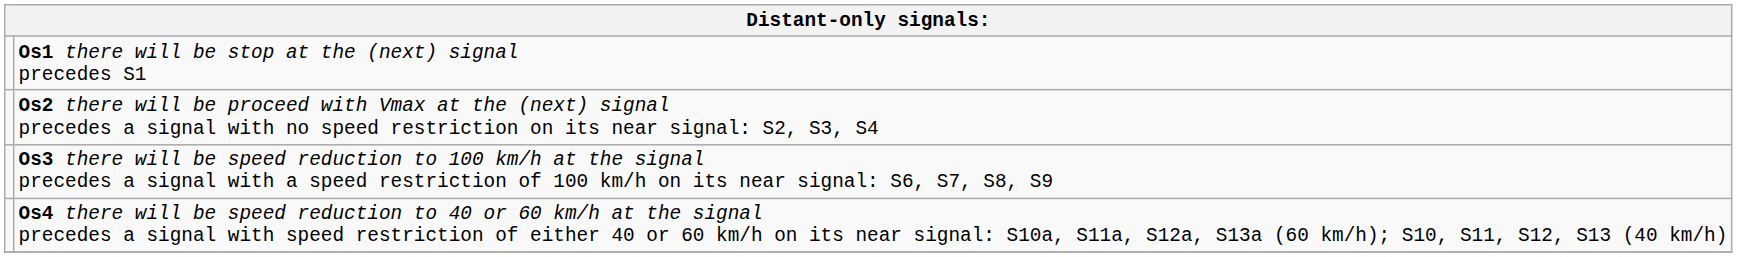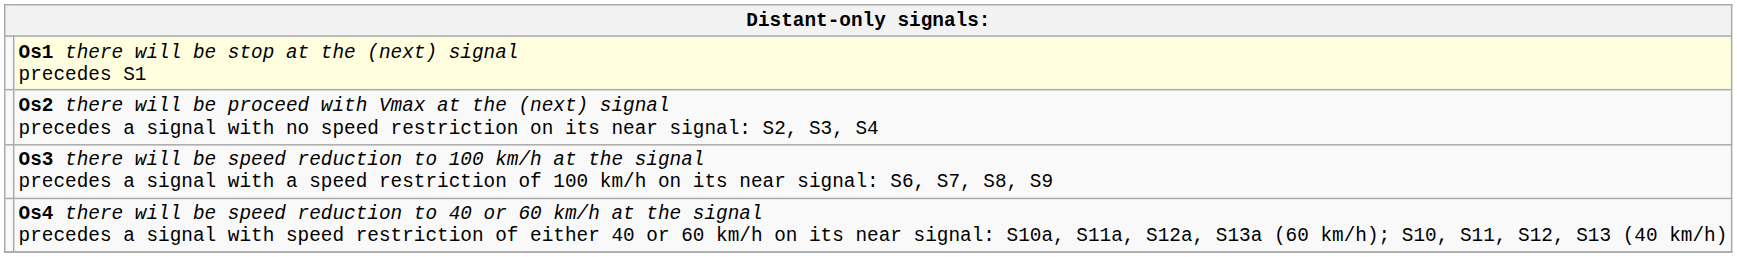 <table class="wikitable">
 <tr>
 <th colspan="2" align="center">Distant-only signals:</th>
 </tr>
 <tr -->
 <td><br><br></td>
-<td><strong>Os1</strong> <em>there will be stop at the (next) signal</em><br>precedes S1</td>
+<td style="background: lightyellow;"><strong>Os1</strong> <em>there will be stop at the (next) signal</em><br>precedes S1</td>
 </tr>
 <tr -->
 <td><br><br></td>
 <td><strong>Os2</strong> <em>there will be proceed with Vmax at the (next) signal</em><br>precedes a signal with no speed restriction on its near signal: S2, S3, S4</td>
 </tr>
 <tr -->
 <td><br><br></td>
 <td><strong>Os3</strong> <em>there will be speed reduction to 100 km/h at the signal</em><br>precedes a signal with a speed restriction of 100 km/h on its near signal: S6, S7, S8, S9</td>
 </tr>
 <tr -->
 <td><br><br></td>
 <td><strong>Os4</strong> <em>there will be speed reduction to 40 or 60 km/h at the signal</em><br>precedes a signal with speed restriction of either 40 or 60 km/h on its near signal: S10a, S11a, S12a, S13a (60 km/h); S10, S11, S12, S13 (40 km/h)</td>
 </tr>
 <tr -->
 </tr>
 </table>
